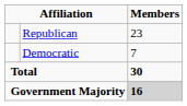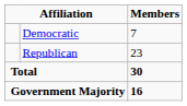 <table class="wikitable">
 <tr>
 <td colspan="2" rowspan="1" align="center" valign="top"><strong>Affiliation</strong></td>
 <td style="vertical-align:top;"><strong>Members</strong></td>
 </tr>
 <tr>
 <td style="background-color:"> </td>
-<td><a href='#'>Republican</a></td>
-<td>23</td>
+<td><a href='#'>Democratic</a></td>
+<td>7</td>
 </tr>
 <tr>
 <td style="background-color:"> </td>
-<td><a href='#'>Democratic</a></td>
-<td>7</td>
+<td><a href='#'>Republican</a></td>
+<td>23</td>
 </tr>
 <tr>
 <td colspan="2" rowspan="1"> <strong>Total</strong></td>
 <td><strong>30</strong></td>
 </tr>
 <tr>
 <td colspan="2" rowspan="1"> <strong>Government Majority</strong></td>
-<td style="background: lightgrey;"><strong>16</strong></td>
+<td><strong>16</strong></td>
 </tr>
 </table>
